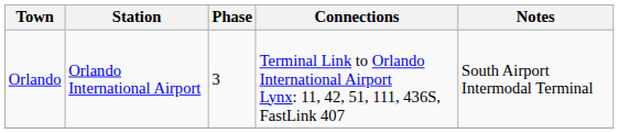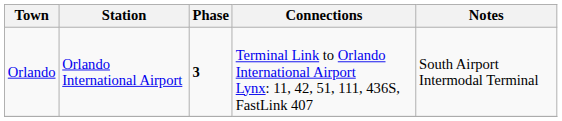 <table class="wikitable">
 <tr>
 <th>Town</th>
 <th>Station</th>
 <th>Phase</th>
 <th>Connections</th>
 <th>Notes</th>
 </tr>
 <tr>
 <td><a href='#'>Orlando</a></td>
 <td><a href='#'>Orlando International Airport</a></td>
-<td>3</td>
+<td><strong>3</strong></td>
 <td><br> <a href='#'>Terminal Link</a> to <a href='#'>Orlando International Airport</a><br> <a href='#'>Lynx</a>: 11, 42, 51, 111, 436S, FastLink 407</td>
 <td>South Airport Intermodal Terminal</td>
 </tr>
 <tr>
 </tr>
 </table>
